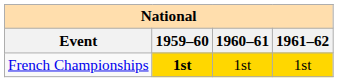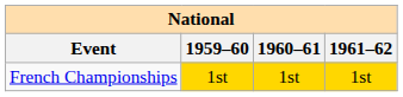 <table class="wikitable" style="text-align:center">
 <tr>
 <th style="background-color: #ffdead; " colspan=4 align=center>National</th>
 </tr>
 <tr>
 <th>Event</th>
 <th>1959–60</th>
 <th>1960–61</th>
 <th>1961–62</th>
 </tr>
 <tr>
 <td align=left><a href='#'>French Championships</a></td>
-<td bgcolor=gold><strong>1st</strong></td>
+<td bgcolor=gold>1st</td>
 <td bgcolor=gold>1st</td>
 <td bgcolor=gold>1st</td>
 </tr>
 </table>
